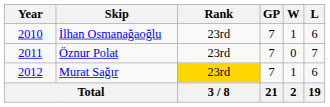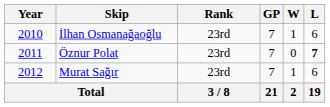 <table class="wikitable" style="text-align: center;">
 <tr>
 <th width="60">Year</th>
 <th width="150">Skip</th>
 <th width="100">Rank</th>
 <th width="20">GP</th>
 <th width="20">W</th>
 <th width="20">L</th>
 </tr>
 <tr>
 <td> <a href='#'>2010</a></td>
 <td align=left><a href='#'>İlhan Osmanağaoğlu</a></td>
 <td>23rd</td>
 <td>7</td>
 <td>1</td>
 <td>6</td>
 </tr>
 <tr>
 <td> <a href='#'>2011</a></td>
 <td align=left><a href='#'>Öznur Polat</a></td>
 <td>23rd</td>
 <td>7</td>
 <td>0</td>
-<td>7</td>
+<td><strong>7</strong></td>
 </tr>
 <tr>
 <td> <a href='#'>2012</a></td>
 <td align=left><a href='#'>Murat Sağır</a></td>
-<td style="background: gold;">23rd</td>
+<td>23rd</td>
 <td>7</td>
 <td>1</td>
 <td>6</td>
 </tr>
 <tr>
 <th colspan=2>Total</th>
 <th>3 / 8</th>
 <th>21</th>
 <th>2</th>
 <th>19</th>
 </tr>
 </table>
